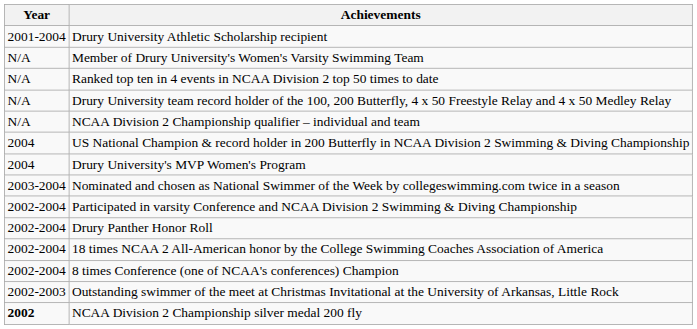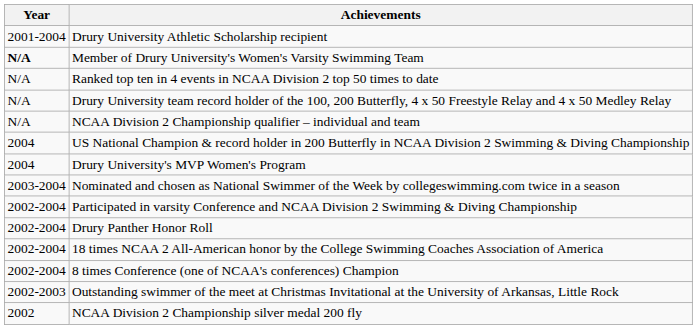 <table class="wikitable">
 <tr>
 <th>Year</th>
 <th>Achievements</th>
 </tr>
 <tr>
 <td>2001-2004</td>
 <td>Drury University Athletic Scholarship recipient</td>
 </tr>
 <tr>
-<td>N/A</td>
+<td><strong>N/A</strong></td>
 <td>Member of Drury University's Women's Varsity Swimming Team</td>
 </tr>
 <tr>
 <td>N/A</td>
 <td>Ranked top ten in 4 events in NCAA Division 2 top 50 times to date</td>
 </tr>
 <tr>
 <td>N/A</td>
 <td>Drury University team record holder of the 100, 200 Butterfly, 4 x 50 Freestyle Relay and 4 x 50 Medley Relay</td>
 </tr>
 <tr>
 <td>N/A</td>
 <td>NCAA Division 2 Championship qualifier – individual and team</td>
 </tr>
 <tr>
 <td>2004</td>
 <td>US National Champion & record holder in 200 Butterfly in NCAA Division 2 Swimming & Diving Championship</td>
 </tr>
 <tr>
 <td>2004</td>
 <td>Drury University's MVP Women's Program</td>
 </tr>
 <tr>
 <td>2003-2004</td>
 <td>Nominated and chosen as National Swimmer of the Week by collegeswimming.com twice in a season</td>
 </tr>
 <tr>
 <td>2002-2004</td>
 <td>Participated in varsity Conference and NCAA Division 2 Swimming & Diving Championship</td>
 </tr>
 <tr>
 <td>2002-2004</td>
 <td>Drury Panther Honor Roll</td>
 </tr>
 <tr>
 <td>2002-2004</td>
 <td>18 times NCAA 2 All-American honor by the College Swimming Coaches Association of America</td>
 </tr>
 <tr>
 <td>2002-2004</td>
 <td>8 times Conference (one of NCAA's conferences) Champion</td>
 </tr>
 <tr>
 <td>2002-2003</td>
 <td>Outstanding swimmer of the meet at Christmas Invitational at the University of Arkansas, Little Rock</td>
 </tr>
 <tr>
-<td><strong>2002</strong></td>
+<td>2002</td>
 <td>NCAA Division 2 Championship silver medal 200 fly</td>
 </tr>
 </table>
